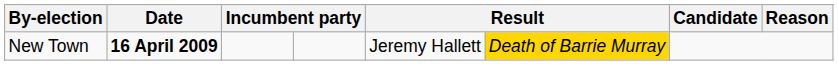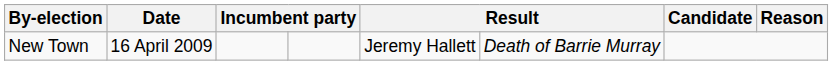 <table class="wikitable">
 <tr>
 <th>By-election</th>
 <th>Date</th>
 <th colspan=2>Incumbent party</th>
 <th colspan=2>Result</th>
 <th>Candidate</th>
 <th>Reason</th>
 </tr>
 <tr>
 <td>New Town</td>
-<td><strong>16 April 2009</strong></td>
+<td>16 April 2009</td>
 <td></td>
 <td></td>
 <td>Jeremy Hallett</td>
-<td style="background: gold;"><em>Death of Barrie Murray </em></td>
+<td><em>Death of Barrie Murray </em></td>
 </tr>
 </table>
